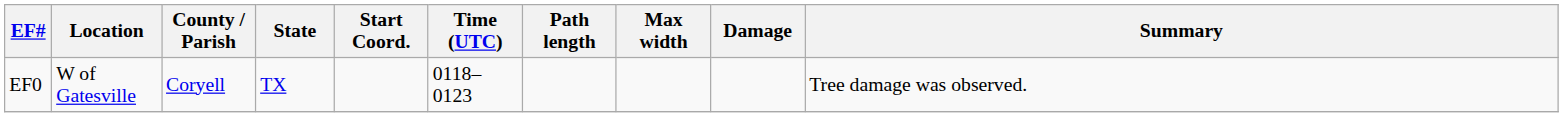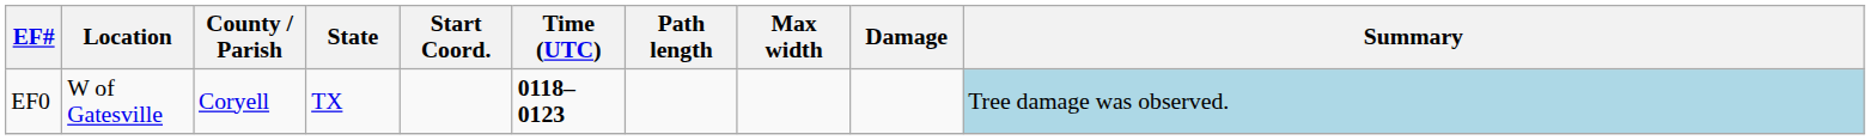 <table class="wikitable sortable" style="width:100%;">
 <tr>
 <th scope="col" width="3%" align="center"><a href='#'>EF#</a></th>
 <th scope="col" width="7%" align="center" class="unsortable">Location</th>
 <th scope="col" width="6%" align="center" class="unsortable">County / Parish</th>
 <th scope="col" width="5%" align="center">State</th>
 <th scope="col" width="6%" align="center">Start Coord.</th>
 <th scope="col" width="6%" align="center">Time (<a href='#'>UTC</a>)</th>
 <th scope="col" width="6%" align="center">Path length</th>
 <th scope="col" width="6%" align="center">Max width</th>
 <th scope="col" width="6%" align="center">Damage</th>
 <th scope="col" width="48%" class="unsortable" align="center">Summary</th>
 </tr>
 <tr>
 <td>EF0</td>
 <td>W of <a href='#'>Gatesville</a></td>
 <td><a href='#'>Coryell</a></td>
 <td><a href='#'>TX</a></td>
 <td></td>
-<td>0118–0123</td>
+<td><strong>0118–0123</strong></td>
 <td></td>
 <td></td>
 <td></td>
-<td>Tree damage was observed.</td>
+<td style="background: lightblue;">Tree damage was observed.</td>
 </tr>
 <tr>
 </tr>
 </table>
